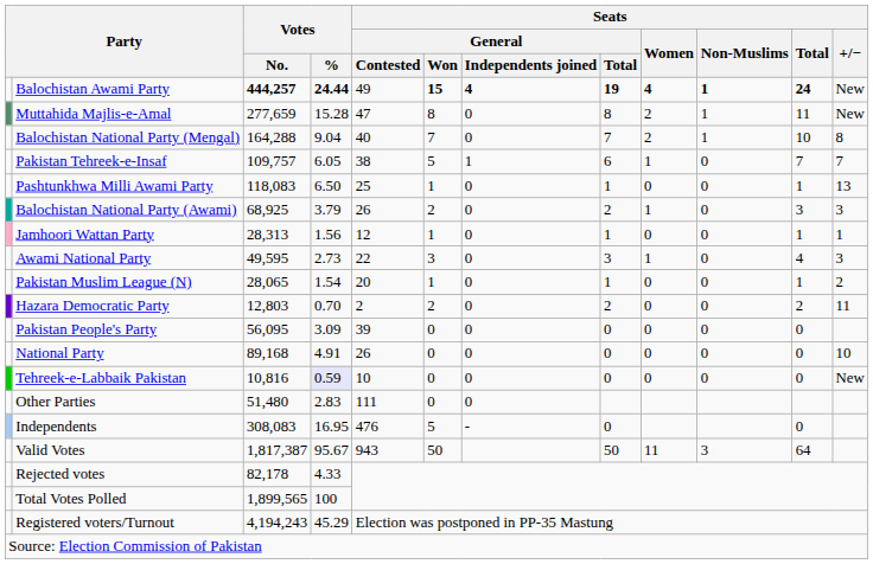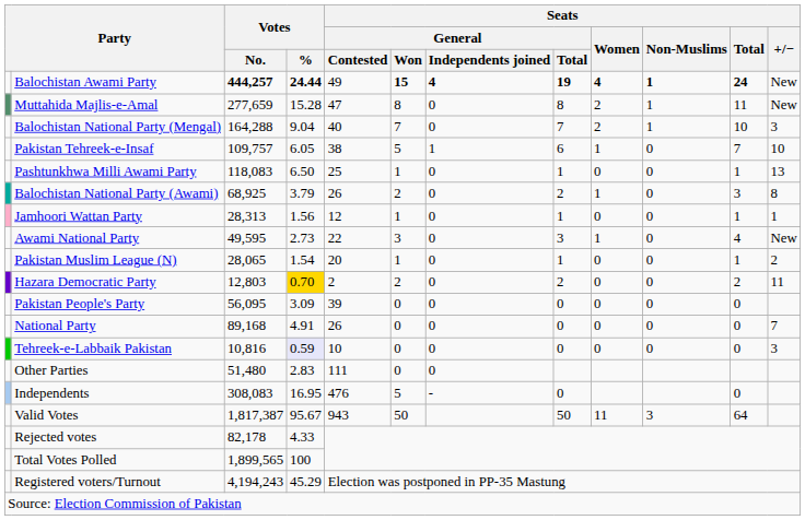 <table class="wikitable sortable">
 <tr>
 <th colspan="2" rowspan="3">Party</th>
 <th colspan="2" rowspan="2">Votes</th>
 <th colspan="8">Seats</th>
 </tr>
 <tr>
 <th colspan="4">General</th>
 <th rowspan="2">Women</th>
 <th rowspan="2">Non-Muslims</th>
 <th rowspan="2">Total</th>
 <th rowspan="2"><strong>+/−</strong></th>
 </tr>
 <tr>
 <th>No.</th>
 <th>%</th>
 <th>Contested</th>
 <th>Won</th>
 <th>Independents joined</th>
 <th>Total</th>
 </tr>
 <tr>
 <td></td>
 <td><a href='#'>Balochistan Awami Party</a></td>
 <td><strong>444,257</strong></td>
 <td><strong>24.44</strong></td>
 <td>49</td>
 <td><strong>15</strong></td>
 <td><strong>4</strong></td>
 <td><strong>19</strong></td>
 <td><strong>4</strong></td>
 <td><strong>1</strong></td>
 <td><strong>24</strong></td>
 <td>New</td>
 </tr>
 <tr>
 <td style="color:inherit;background:#528d6b"></td>
 <td><a href='#'>Muttahida Majlis-e-Amal</a></td>
 <td>277,659</td>
 <td>15.28</td>
 <td>47</td>
 <td>8</td>
 <td>0</td>
 <td>8</td>
 <td>2</td>
 <td>1</td>
 <td>11</td>
 <td>New</td>
 </tr>
 <tr>
 <td></td>
 <td><a href='#'>Balochistan National Party (Mengal)</a></td>
 <td>164,288</td>
 <td>9.04</td>
 <td>40</td>
 <td>7</td>
 <td>0</td>
 <td>7</td>
 <td>2</td>
 <td>1</td>
 <td>10</td>
-<td>8</td>
+<td>3</td>
 </tr>
 <tr>
 <td></td>
 <td><a href='#'>Pakistan Tehreek-e-Insaf</a></td>
 <td>109,757</td>
 <td>6.05</td>
 <td>38</td>
 <td>5</td>
 <td>1</td>
 <td>6</td>
 <td>1</td>
 <td>0</td>
 <td>7</td>
-<td>7</td>
+<td>10</td>
 </tr>
 <tr>
 <td></td>
 <td><a href='#'>Pashtunkhwa Milli Awami Party</a></td>
 <td>118,083</td>
 <td>6.50</td>
 <td>25</td>
 <td>1</td>
 <td>0</td>
 <td>1</td>
 <td>0</td>
 <td>0</td>
 <td>1</td>
 <td>13</td>
 </tr>
 <tr>
 <td style="color:inherit;background:#00ab9e"></td>
 <td><a href='#'>Balochistan National Party (Awami)</a></td>
 <td>68,925</td>
 <td>3.79</td>
 <td>26</td>
 <td>2</td>
 <td>0</td>
 <td>2</td>
 <td>1</td>
 <td>0</td>
 <td>3</td>
-<td>3</td>
+<td>8</td>
 </tr>
 <tr>
 <td style="color:inherit;background:#ffaec9"></td>
 <td><a href='#'>Jamhoori Wattan Party</a></td>
 <td>28,313</td>
 <td>1.56</td>
 <td>12</td>
 <td>1</td>
 <td>0</td>
 <td>1</td>
 <td>0</td>
 <td>0</td>
 <td>1</td>
 <td>1</td>
 </tr>
 <tr>
 <td></td>
 <td><a href='#'>Awami National Party</a></td>
 <td>49,595</td>
 <td>2.73</td>
 <td>22</td>
 <td>3</td>
 <td>0</td>
 <td>3</td>
 <td>1</td>
 <td>0</td>
 <td>4</td>
-<td>3</td>
+<td>New</td>
 </tr>
 <tr>
 <td></td>
 <td><a href='#'>Pakistan Muslim League (N)</a></td>
 <td>28,065</td>
 <td>1.54</td>
 <td>20</td>
 <td>1</td>
 <td>0</td>
 <td>1</td>
 <td>0</td>
 <td>0</td>
 <td>1</td>
 <td>2</td>
 </tr>
 <tr>
 <td style="color:inherit;background:#6500ca"></td>
 <td><a href='#'>Hazara Democratic Party</a></td>
 <td>12,803</td>
-<td>0.70</td>
+<td style="background: gold;">0.70</td>
 <td>2</td>
 <td>2</td>
 <td>0</td>
 <td>2</td>
 <td>0</td>
 <td>0</td>
 <td>2</td>
 <td>11</td>
 </tr>
 <tr>
 <td></td>
 <td><a href='#'>Pakistan People's Party</a></td>
 <td>56,095</td>
 <td>3.09</td>
 <td>39</td>
 <td>0</td>
 <td>0</td>
 <td>0</td>
 <td>0</td>
 <td>0</td>
 <td>0</td>
 <td></td>
 </tr>
 <tr>
 <td></td>
 <td><a href='#'>National Party</a></td>
 <td>89,168</td>
 <td>4.91</td>
 <td>26</td>
 <td>0</td>
 <td>0</td>
 <td>0</td>
 <td>0</td>
 <td>0</td>
 <td>0</td>
-<td>10</td>
+<td>7</td>
 </tr>
 <tr>
 <td style="color:inherit;background:#00ca00"></td>
 <td><a href='#'>Tehreek-e-Labbaik Pakistan</a></td>
 <td>10,816</td>
 <td style="background: lavender;">0.59</td>
 <td>10</td>
 <td>0</td>
 <td>0</td>
 <td>0</td>
 <td>0</td>
 <td>0</td>
 <td>0</td>
-<td>New</td>
+<td>3</td>
 </tr>
 <tr>
 <td></td>
 <td>Other Parties</td>
 <td>51,480</td>
 <td>2.83</td>
 <td>111</td>
 <td>0</td>
 <td>0</td>
 <td></td>
 <td></td>
 <td></td>
 <td></td>
 <td></td>
 </tr>
 <tr>
 <td style="color:inherit;background:#a6caf0"></td>
 <td>Independents</td>
 <td>308,083</td>
 <td>16.95</td>
 <td>476</td>
 <td>5</td>
 <td>-</td>
 <td>0</td>
 <td></td>
 <td></td>
 <td>0</td>
 <td></td>
 </tr>
 <tr class="sortbottom">
 <td></td>
 <td>Valid Votes</td>
 <td>1,817,387</td>
 <td>95.67</td>
 <td>943</td>
 <td>50</td>
 <td></td>
 <td>50</td>
 <td>11</td>
 <td>3</td>
 <td>64</td>
 <td></td>
 </tr>
 <tr>
 <td></td>
 <td>Rejected votes</td>
 <td>82,178</td>
 <td>4.33</td>
 <td colspan="8" rowspan="2"></td>
 </tr>
 <tr>
 <td></td>
 <td>Total Votes Polled</td>
 <td>1,899,565</td>
 <td>100</td>
 </tr>
 <tr>
 <td></td>
 <td>Registered voters/Turnout</td>
 <td>4,194,243</td>
 <td>45.29</td>
 <td colspan="8">Election was postponed in PP-35 Mastung</td>
 </tr>
 <tr class="sortbottom">
 <td colspan="12">Source: <a href='#'>Election Commission of Pakistan</a> </td>
 </tr>
 </table>
